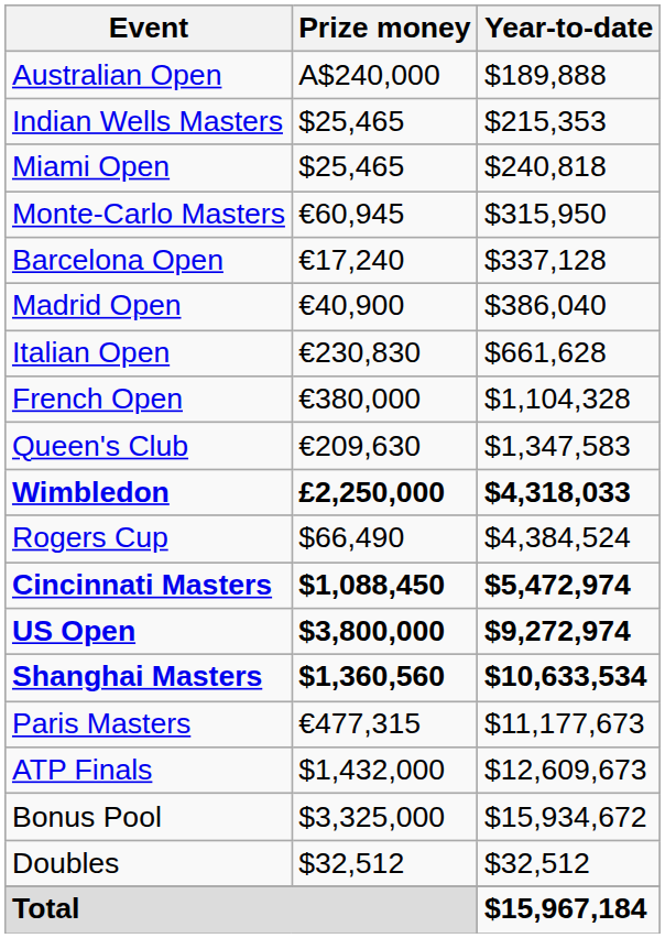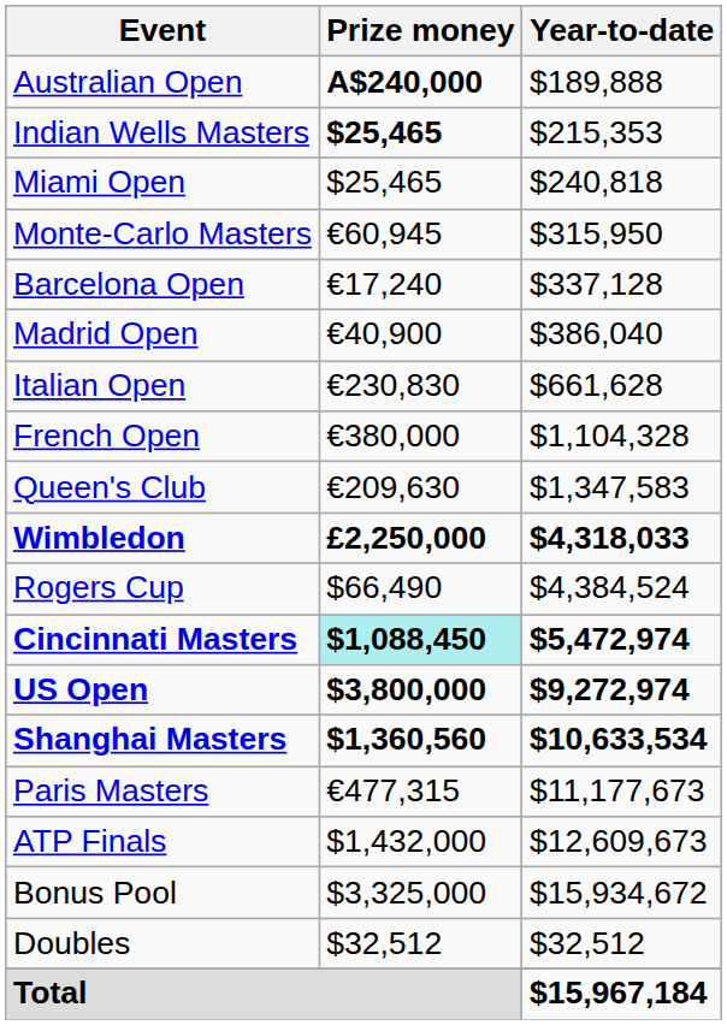 <table class="wikitable sortable">
 <tr>
 <th>Event</th>
 <th>Prize money</th>
 <th>Year-to-date</th>
 </tr>
 <tr>
 <td><a href='#'>Australian Open</a></td>
-<td>A$240,000</td>
+<td><strong>A$240,000</strong></td>
 <td>$189,888</td>
 </tr>
 <tr>
 <td><a href='#'>Indian Wells Masters</a></td>
-<td>$25,465</td>
+<td><strong>$25,465</strong></td>
 <td>$215,353</td>
 </tr>
 <tr>
 <td><a href='#'>Miami Open</a></td>
 <td>$25,465</td>
 <td>$240,818</td>
 </tr>
 <tr>
 <td><a href='#'>Monte-Carlo Masters</a></td>
 <td>€60,945</td>
 <td>$315,950</td>
 </tr>
 <tr>
 <td><a href='#'>Barcelona Open</a></td>
 <td>€17,240</td>
 <td>$337,128</td>
 </tr>
 <tr>
 <td><a href='#'>Madrid Open</a></td>
 <td>€40,900</td>
 <td>$386,040</td>
 </tr>
 <tr>
 <td><a href='#'>Italian Open</a></td>
 <td>€230,830</td>
 <td>$661,628</td>
 </tr>
 <tr>
 <td><a href='#'>French Open</a></td>
 <td>€380,000</td>
 <td>$1,104,328</td>
 </tr>
 <tr>
 <td><a href='#'>Queen's Club</a></td>
 <td>€209,630</td>
 <td>$1,347,583</td>
 </tr>
 <tr>
 <td><strong><a href='#'>Wimbledon</a></strong></td>
 <td><strong>£2,250,000</strong></td>
 <td><strong>$4,318,033</strong></td>
 </tr>
 <tr>
 <td><a href='#'>Rogers Cup</a></td>
 <td>$66,490</td>
 <td>$4,384,524</td>
 </tr>
 <tr>
 <td><strong><a href='#'>Cincinnati Masters</a></strong></td>
-<td><strong>$1,088,450</strong></td>
+<td style="background: paleturquoise;"><strong>$1,088,450</strong></td>
 <td><strong>$5,472,974</strong></td>
 </tr>
 <tr>
 <td><strong><a href='#'>US Open</a></strong></td>
 <td><strong>$3,800,000</strong></td>
 <td><strong>$9,272,974</strong></td>
 </tr>
 <tr>
 <td><strong><a href='#'>Shanghai Masters</a></strong></td>
 <td><strong>$1,360,560</strong></td>
 <td><strong>$10,633,534</strong></td>
 </tr>
 <tr>
 <td><a href='#'>Paris Masters</a></td>
 <td>€477,315</td>
 <td>$11,177,673</td>
 </tr>
 <tr>
 <td><a href='#'>ATP Finals</a></td>
 <td>$1,432,000</td>
 <td>$12,609,673</td>
 </tr>
 <tr>
 <td>Bonus Pool</td>
 <td>$3,325,000</td>
 <td>$15,934,672</td>
 </tr>
 <tr>
 <td>Doubles</td>
 <td>$32,512</td>
 <td>$32,512</td>
 </tr>
 <tr>
 </tr>
 <tr class="sortbottom">
 <td colspan=2 bgcolor=#DCDCDC><strong>Total</strong></td>
 <td><strong>$15,967,184</strong></td>
 </tr>
 </table>
